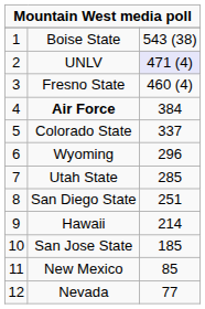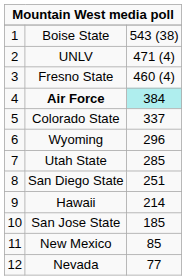 <table class="wikitable" style="display: inline-table;">
 <tr>
 <td align="center" Colspan="3"><strong>Mountain West media poll</strong></td>
 </tr>
 <tr align="center">
 </tr>
 <tr align="center">
 <td>1</td>
 <td>Boise State</td>
 <td>543 (38)</td>
 </tr>
 <tr align="center">
 <td>2</td>
 <td>UNLV</td>
-<td style="background: lavender;">471 (4)</td>
+<td>471 (4)</td>
 </tr>
 <tr align="center">
 <td>3</td>
 <td>Fresno State</td>
 <td>460 (4)</td>
 </tr>
 <tr align="center">
 <td>4</td>
 <td><strong>Air Force</strong></td>
-<td>384</td>
+<td style="background: paleturquoise;">384</td>
 </tr>
 <tr align="center">
 <td>5</td>
 <td>Colorado State</td>
 <td>337</td>
 </tr>
 <tr align="center">
 <td>6</td>
 <td>Wyoming</td>
 <td>296</td>
 </tr>
 <tr align="center">
 <td>7</td>
 <td>Utah State</td>
 <td>285</td>
 </tr>
 <tr align="center">
 <td>8</td>
 <td>San Diego State</td>
 <td>251</td>
 </tr>
 <tr align="center">
 <td>9</td>
 <td>Hawaii</td>
 <td>214</td>
 </tr>
 <tr align="center">
 <td>10</td>
 <td>San Jose State</td>
 <td>185</td>
 </tr>
 <tr align="center">
 <td>11</td>
 <td>New Mexico</td>
 <td>85</td>
 </tr>
 <tr align="center">
 <td>12</td>
 <td>Nevada</td>
 <td>77</td>
 </tr>
 </table>
